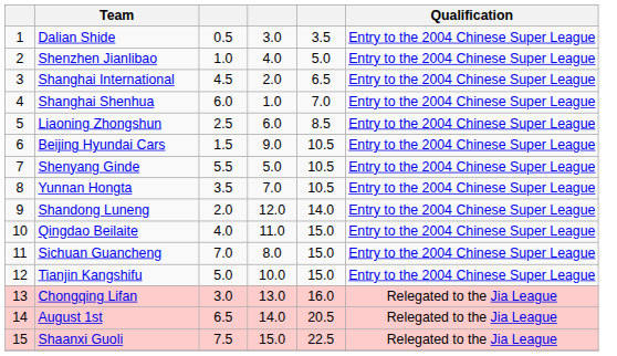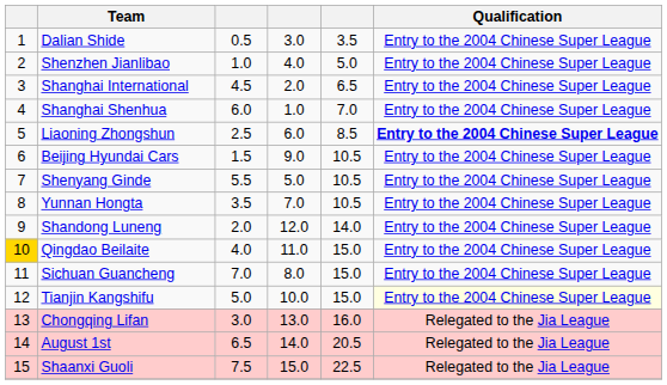 <table class="wikitable" style="text-align: center;">
 <tr>
 <th width=28><br></th>
 <th width=185>Team</th>
 <th width=50></th>
 <th width=50></th>
 <th width=50></th>
 <th>Qualification</th>
 </tr>
 <tr>
 <td>1</td>
 <td align="left"><a href='#'>Dalian Shide</a></td>
 <td>0.5</td>
 <td>3.0</td>
 <td>3.5</td>
 <td><a href='#'>Entry to the 2004 Chinese Super League</a></td>
 </tr>
 <tr>
 <td>2</td>
 <td align="left"><a href='#'>Shenzhen Jianlibao</a></td>
 <td>1.0</td>
 <td>4.0</td>
 <td>5.0</td>
 <td><a href='#'>Entry to the 2004 Chinese Super League</a></td>
 </tr>
 <tr>
 <td>3</td>
 <td align="left"><a href='#'>Shanghai International</a></td>
 <td>4.5</td>
 <td>2.0</td>
 <td>6.5</td>
 <td><a href='#'>Entry to the 2004 Chinese Super League</a></td>
 </tr>
 <tr>
 <td>4</td>
 <td align="left"><a href='#'>Shanghai Shenhua</a></td>
 <td>6.0</td>
 <td>1.0</td>
 <td>7.0</td>
 <td><a href='#'>Entry to the 2004 Chinese Super League</a></td>
 </tr>
 <tr>
 <td>5</td>
 <td align="left"><a href='#'>Liaoning Zhongshun</a></td>
 <td>2.5</td>
 <td>6.0</td>
 <td>8.5</td>
-<td><a href='#'>Entry to the 2004 Chinese Super League</a></td>
+<td><strong><a href='#'>Entry to the 2004 Chinese Super League</a></strong></td>
 </tr>
 <tr>
 <td>6</td>
 <td align="left"><a href='#'>Beijing Hyundai Cars</a></td>
 <td>1.5</td>
 <td>9.0</td>
 <td>10.5</td>
 <td><a href='#'>Entry to the 2004 Chinese Super League</a></td>
 </tr>
 <tr>
 <td>7</td>
 <td align="left"><a href='#'>Shenyang Ginde</a></td>
 <td>5.5</td>
 <td>5.0</td>
 <td>10.5</td>
 <td><a href='#'>Entry to the 2004 Chinese Super League</a></td>
 </tr>
 <tr>
 <td>8</td>
 <td align="left"><a href='#'>Yunnan Hongta</a></td>
 <td>3.5</td>
 <td>7.0</td>
 <td>10.5</td>
 <td><a href='#'>Entry to the 2004 Chinese Super League</a></td>
 </tr>
 <tr>
 <td>9</td>
 <td align="left"><a href='#'>Shandong Luneng</a></td>
 <td>2.0</td>
 <td>12.0</td>
 <td>14.0</td>
 <td><a href='#'>Entry to the 2004 Chinese Super League</a></td>
 </tr>
 <tr>
-<td>10</td>
+<td style="background: gold;">10</td>
 <td align="left"><a href='#'>Qingdao Beilaite</a></td>
 <td>4.0</td>
 <td>11.0</td>
 <td>15.0</td>
 <td><a href='#'>Entry to the 2004 Chinese Super League</a></td>
 </tr>
 <tr>
 <td>11</td>
 <td align="left"><a href='#'>Sichuan Guancheng</a></td>
 <td>7.0</td>
 <td>8.0</td>
 <td>15.0</td>
 <td><a href='#'>Entry to the 2004 Chinese Super League</a></td>
 </tr>
 <tr>
 <td>12</td>
 <td align="left"><a href='#'>Tianjin Kangshifu</a></td>
 <td>5.0</td>
 <td>10.0</td>
 <td>15.0</td>
-<td><a href='#'>Entry to the 2004 Chinese Super League</a></td>
+<td style="background: lightyellow;"><a href='#'>Entry to the 2004 Chinese Super League</a></td>
 </tr>
 <tr bgcolor=FFCCCC>
 <td>13</td>
 <td align="left"><a href='#'>Chongqing Lifan</a></td>
 <td>3.0</td>
 <td>13.0</td>
 <td>16.0</td>
 <td>Relegated to the <a href='#'>Jia League</a></td>
 </tr>
 <tr bgcolor=FFCCCC>
 <td>14</td>
 <td align="left"><a href='#'>August 1st</a></td>
 <td>6.5</td>
 <td>14.0</td>
 <td>20.5</td>
 <td>Relegated to the <a href='#'>Jia League</a></td>
 </tr>
 <tr bgcolor=FFCCCC>
 <td>15</td>
 <td align="left"><a href='#'>Shaanxi Guoli</a></td>
 <td>7.5</td>
 <td>15.0</td>
 <td>22.5</td>
 <td>Relegated to the <a href='#'>Jia League</a></td>
 </tr>
 <tr>
 </tr>
 </table>
